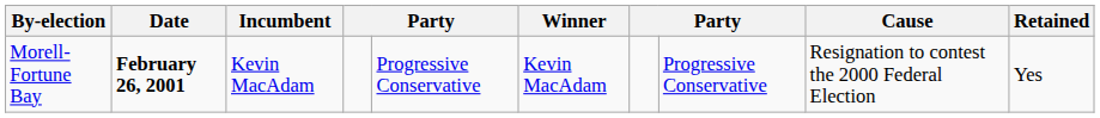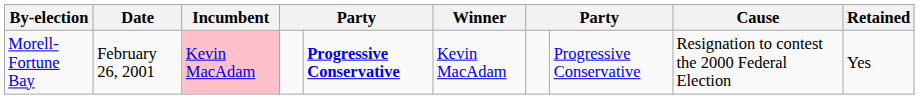 <table class=wikitable style="width:100%">
 <tr>
 <th>By-election</th>
 <th>Date</th>
 <th>Incumbent</th>
 <th colspan=2>Party</th>
 <th>Winner</th>
 <th colspan=2>Party</th>
 <th>Cause</th>
 <th>Retained</th>
 </tr>
 <tr>
 <td><a href='#'>Morell-Fortune Bay</a></td>
-<td><strong>February 26, 2001</strong></td>
-<td><a href='#'>Kevin MacAdam</a></td>
+<td>February 26, 2001</td>
+<td style="background: pink;"><a href='#'>Kevin MacAdam</a></td>
 <td>    </td>
-<td><a href='#'>Progressive Conservative</a></td>
+<td><strong><a href='#'>Progressive Conservative</a></strong></td>
 <td><a href='#'>Kevin MacAdam</a></td>
 <td>    </td>
 <td><a href='#'>Progressive Conservative</a></td>
 <td>Resignation to contest the 2000 Federal Election</td>
 <td>Yes</td>
 </tr>
 </table>
